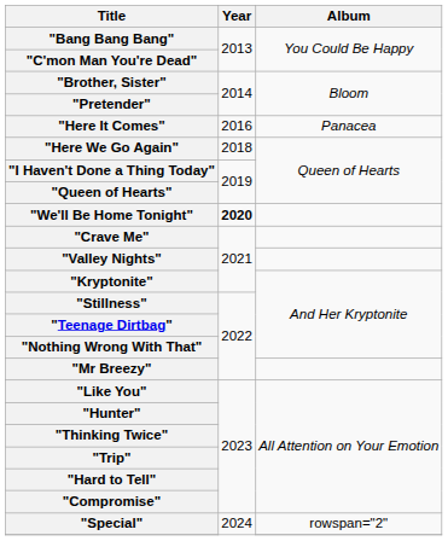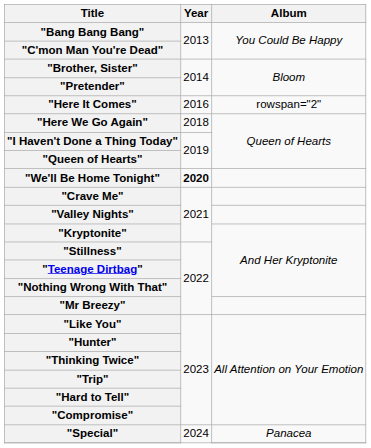 <table class="wikitable plainrowheaders" style="text-align:center;" border="1">
 <tr>
 <th>Title</th>
 <th>Year</th>
 <th>Album</th>
 </tr>
 <tr>
 <th scope="row">"Bang Bang Bang"</th>
 <td rowspan="2">2013</td>
 <td rowspan="2"><em>You Could Be Happy</em></td>
 </tr>
 <tr>
 <th scope="row">"C'mon Man You're Dead"</th>
 </tr>
 <tr>
 <th scope="row">"Brother, Sister"</th>
 <td rowspan="2">2014</td>
 <td rowspan="2"><em>Bloom</em></td>
 </tr>
 <tr>
 <th scope="row">"Pretender"</th>
 </tr>
 <tr>
 <th scope="row">"Here It Comes"</th>
 <td>2016</td>
-<td><em>Panacea</em></td>
+<td>rowspan="2" </td>
 </tr>
 <tr>
 <th scope="row">"Here We Go Again"</th>
 <td>2018</td>
 <td rowspan=3><em>Queen of Hearts</em></td>
 </tr>
 <tr>
 <th scope="row">"I Haven't Done a Thing Today"</th>
 <td rowspan=2>2019</td>
 </tr>
 <tr>
 <th scope="row">"Queen of Hearts"</th>
 </tr>
 <tr>
 <th scope="row">"We'll Be Home Tonight"<br></th>
 <td><strong>2020</strong></td>
 <td></td>
 </tr>
 <tr>
 <th scope="row">"Crave Me"</th>
 <td rowspan="3">2021</td>
 <td></td>
 </tr>
 <tr>
 <th scope="row">"Valley Nights"<br></th>
 <td></td>
 </tr>
 <tr>
 <th scope="row">"Kryptonite"</th>
 <td rowspan="4"><em>And Her Kryptonite</em></td>
 </tr>
 <tr>
 <th scope="row">"Stillness"</th>
 <td rowspan="4">2022</td>
 </tr>
 <tr>
 <th scope="row">"<a href='#'>Teenage Dirtbag</a>"</th>
 </tr>
 <tr>
 <th scope="row">"Nothing Wrong With That"</th>
 </tr>
 <tr>
 <th scope="row">"Mr Breezy"</th>
 <td></td>
 </tr>
 <tr>
 <th scope="row">"Like You"</th>
 <td rowspan="6">2023</td>
 <td rowspan="6"><em>All Attention on Your Emotion</em></td>
 </tr>
 <tr>
 <th scope="row">"Hunter"</th>
 </tr>
 <tr>
 <th scope="row">"Thinking Twice"</th>
 </tr>
 <tr>
 <th scope="row">"Trip"</th>
 </tr>
 <tr>
 <th scope="row">"Hard to Tell"</th>
 </tr>
 <tr>
 <th scope="row">"Compromise"</th>
 </tr>
 <tr>
 <th scope="row">"Special"</th>
 <td rowspan="2">2024</td>
-<td>rowspan="2" </td>
+<td><em>Panacea</em></td>
 </tr>
 <tr>
 </tr>
 </table>
